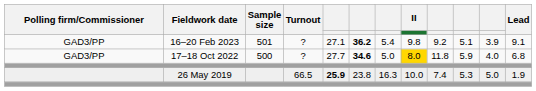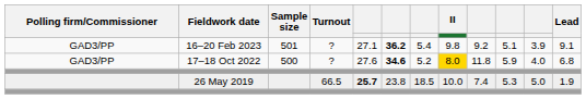 <table class="wikitable collapsible collapsed" style="text-align:center; font-size:95%; line-height:16px;">
 <tr style="height:42px;">
 <th style="width:250px;" rowspan="2">Polling firm/Commissioner</th>
 <th style="width:125px;" rowspan="2">Fieldwork date</th>
 <th style="width:50px;" rowspan="2">Sample size</th>
 <th style="width:45px;" rowspan="2">Turnout</th>
 <th style="width:35px;"></th>
 <th style="width:35px;"></th>
 <th style="width:35px;"></th>
 <th style="width:35px;">II</th>
 <th style="width:35px;"></th>
 <th style="width:35px;"></th>
 <th style="width:35px;"></th>
 <th style="width:30px;" rowspan="2">Lead</th>
 </tr>
 <tr>
 <th style="color:inherit;background:"></th>
 <th style="color:inherit;background:"></th>
 <th style="color:inherit;background:"></th>
 <th style="color:inherit;background:#1C7431;"></th>
 <th style="color:inherit;background:"></th>
 <th style="color:inherit;background:"></th>
 <th style="color:inherit;background:"></th>
 </tr>
 <tr>
 <td>GAD3/PP</td>
 <td>16–20 Feb 2023</td>
 <td>501</td>
 <td>?</td>
 <td>27.1<br></td>
 <td><strong>36.2</strong><br></td>
 <td>5.4<br></td>
 <td>9.8<br></td>
 <td>9.2<br></td>
 <td>5.1<br></td>
 <td>3.9<br></td>
 <td style="background:">9.1</td>
 </tr>
 <tr>
 <td>GAD3/PP</td>
 <td>17–18 Oct 2022</td>
 <td>500</td>
 <td>?</td>
-<td>27.7<br></td>
+<td>27.6<br></td>
 <td><strong>34.6</strong><br></td>
-<td>5.0<br></td>
+<td>5.2<br></td>
 <td style="background: gold;">8.0<br></td>
 <td>11.8<br></td>
 <td>5.9<br></td>
 <td>4.0<br></td>
 <td style="background:">6.8</td>
 </tr>
 <tr>
 <td colspan="12" style="background:#A0A0A0"></td>
 </tr>
 <tr style="background:#EFEFEF;">
 <td><strong></strong></td>
 <td>26 May 2019</td>
 <td></td>
 <td>66.5</td>
-<td><strong>25.9</strong><br></td>
+<td><strong>25.7</strong><br></td>
 <td>23.8<br></td>
-<td>16.3<br></td>
+<td>18.5<br></td>
 <td>10.0<br></td>
 <td>7.4<br></td>
 <td>5.3<br></td>
 <td>5.0<br></td>
 <td style="background:">1.9</td>
 </tr>
 <tr>
 <td colspan="12" style="background:#A0A0A0"></td>
 </tr>
 </table>
